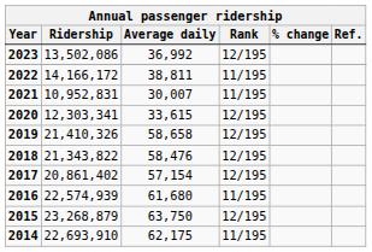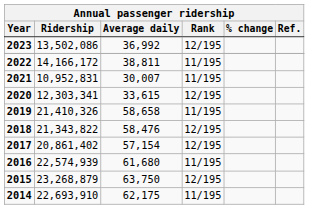 <table class="wikitable sortable" style="text-align:right;">
 <tr>
 <th colspan="6" style="background-color:#">Annual passenger ridership</th>
 </tr>
 <tr style="font-size:95%; text-align:center">
 <th style="border-bottom:1px solid black">Year</th>
 <th style="border-bottom:1px solid black">Ridership</th>
 <th style="border-bottom:1px solid black">Average daily</th>
 <th style="border-bottom:1px solid black">Rank</th>
 <th style="border-bottom:1px solid black">% change</th>
 <th style="border-bottom:1px solid black">Ref.</th>
 </tr>
 <tr style="text-align:center;">
 <td><strong>2023</strong></td>
 <td>13,502,086</td>
 <td>36,992</td>
 <td>12/195</td>
 <td></td>
 <td></td>
 </tr>
 <tr>
 </tr>
 <tr style="text-align:center;">
 <td><strong>2022</strong></td>
 <td>14,166,172</td>
 <td>38,811</td>
 <td>11/195</td>
 <td></td>
 <td></td>
 </tr>
 <tr style="text-align:center;">
 <td><strong>2021</strong></td>
 <td>10,952,831</td>
 <td>30,007</td>
 <td>11/195</td>
 <td></td>
 <td></td>
 </tr>
 <tr style="text-align:center;">
 <td><strong>2020</strong></td>
 <td>12,303,341</td>
 <td>33,615</td>
 <td>12/195</td>
 <td></td>
 <td></td>
 </tr>
 <tr style="text-align:center;">
 <td><strong>2019</strong></td>
 <td>21,410,326</td>
 <td>58,658</td>
-<td>12/195</td>
+<td>11/195</td>
 <td></td>
 <td></td>
 </tr>
 <tr style="text-align:center;">
 <td><strong>2018</strong></td>
 <td>21,343,822</td>
 <td>58,476</td>
 <td>12/195</td>
 <td></td>
 <td></td>
 </tr>
 <tr style="text-align:center;">
 <td><strong>2017</strong></td>
 <td>20,861,402</td>
 <td>57,154</td>
 <td>12/195</td>
 <td></td>
 <td></td>
 </tr>
 <tr style="text-align:center;">
 <td><strong>2016</strong></td>
 <td>22,574,939</td>
 <td>61,680</td>
 <td>11/195</td>
 <td></td>
 <td></td>
 </tr>
 <tr style="text-align:center;">
 <td><strong>2015</strong></td>
 <td>23,268,879</td>
 <td>63,750</td>
 <td>12/195</td>
 <td></td>
 <td></td>
 </tr>
 <tr style="text-align:center;">
 <td><strong>2014</strong></td>
 <td>22,693,910</td>
 <td>62,175</td>
 <td>11/195</td>
 <td></td>
 <td></td>
 </tr>
 </table>
